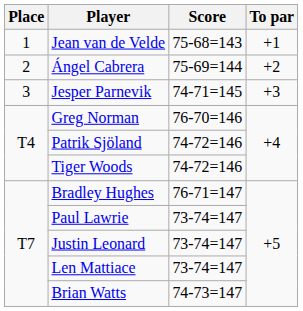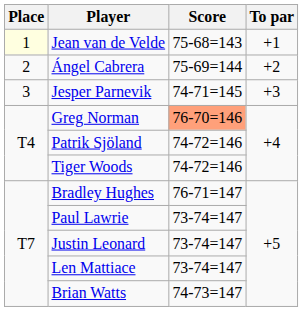 <table class="wikitable">
 <tr>
 <th>Place</th>
 <th>Player</th>
 <th>Score</th>
 <th>To par</th>
 </tr>
 <tr>
-<td align=center>1</td>
+<td align=center style="background: lightyellow;">1</td>
 <td> <a href='#'>Jean van de Velde</a></td>
 <td align=center>75-68=143</td>
 <td align=center>+1</td>
 </tr>
 <tr>
 <td align=center>2</td>
 <td> <a href='#'>Ángel Cabrera</a></td>
 <td align=center>75-69=144</td>
 <td align=center>+2</td>
 </tr>
 <tr>
 <td align=center>3</td>
 <td> <a href='#'>Jesper Parnevik</a></td>
 <td align=center>74-71=145</td>
 <td align=center>+3</td>
 </tr>
 <tr>
 <td rowspan="3" align=center>T4</td>
 <td> <a href='#'>Greg Norman</a></td>
-<td align=center>76-70=146</td>
+<td align=center style="background: lightsalmon;">76-70=146</td>
 <td rowspan="3" align=center>+4</td>
 </tr>
 <tr>
 <td> <a href='#'>Patrik Sjöland</a></td>
 <td align=center>74-72=146</td>
 </tr>
 <tr>
 <td> <a href='#'>Tiger Woods</a></td>
 <td align=center>74-72=146</td>
 </tr>
 <tr>
 <td rowspan="5" align=center>T7</td>
 <td> <a href='#'>Bradley Hughes</a></td>
 <td align=center>76-71=147</td>
 <td rowspan="5" align=center>+5</td>
 </tr>
 <tr>
 <td> <a href='#'>Paul Lawrie</a></td>
 <td align=center>73-74=147</td>
 </tr>
 <tr>
 <td> <a href='#'>Justin Leonard</a></td>
 <td align=center>73-74=147</td>
 </tr>
 <tr>
 <td> <a href='#'>Len Mattiace</a></td>
 <td align=center>73-74=147</td>
 </tr>
 <tr>
 <td> <a href='#'>Brian Watts</a></td>
 <td align=center>74-73=147</td>
 </tr>
 </table>
